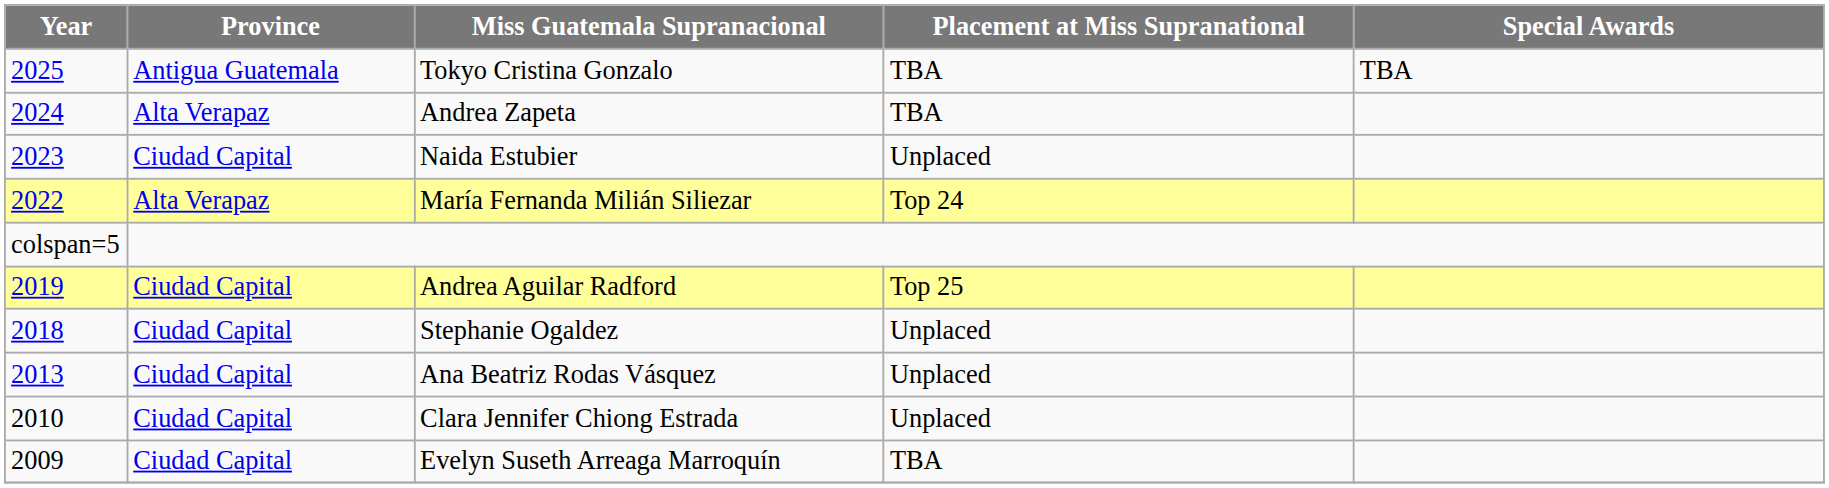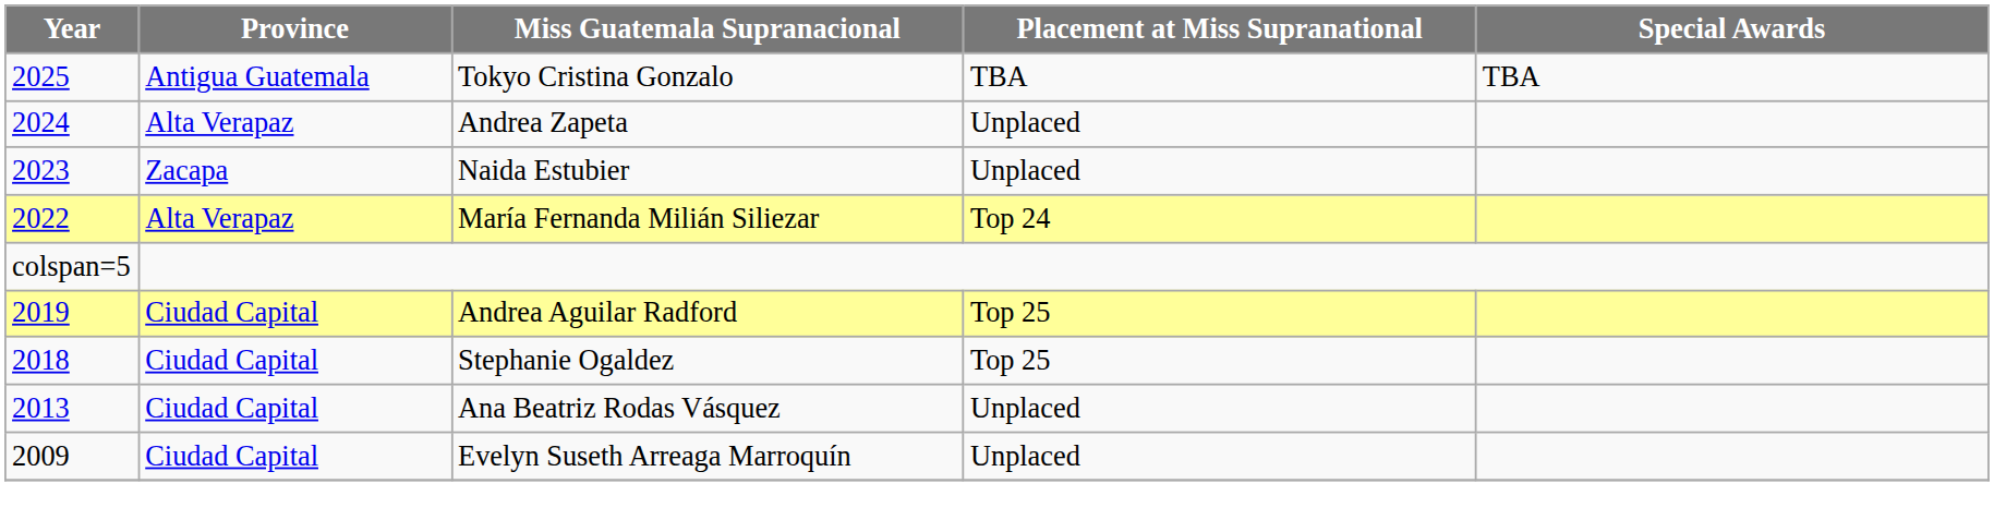 <table class="wikitable " style="font-size: 90%;">
 <tr>
 <th width="60" style="background-color:#787878;color:#FFFFFF;">Year</th>
 <th width="150" style="background-color:#787878;color:#FFFFFF;">Province</th>
 <th width="250" style="background-color:#787878;color:#FFFFFF;">Miss Guatemala Supranacional</th>
 <th width="250" style="background-color:#787878;color:#FFFFFF;">Placement at Miss Supranational</th>
 <th width="250" style="background-color:#787878;color:#FFFFFF;">Special Awards</th>
 </tr>
 <tr>
 <td><a href='#'>2025</a></td>
 <td><a href='#'>Antigua Guatemala</a></td>
 <td>Tokyo Cristina Gonzalo</td>
 <td>TBA</td>
 <td>TBA</td>
 </tr>
 <tr>
 <td><a href='#'>2024</a></td>
 <td><a href='#'>Alta Verapaz</a></td>
 <td>Andrea Zapeta</td>
-<td>TBA</td>
+<td>Unplaced</td>
 <td></td>
 </tr>
 <tr>
 <td><a href='#'>2023</a></td>
-<td><a href='#'>Ciudad Capital</a></td>
+<td><a href='#'>Zacapa</a></td>
 <td>Naida Estubier</td>
 <td>Unplaced</td>
 <td></td>
 </tr>
 <tr style="background-color:#FFFF99; ">
 <td><a href='#'>2022</a></td>
 <td><a href='#'>Alta Verapaz</a></td>
 <td>María Fernanda Milián Siliezar</td>
 <td>Top 24</td>
 <td></td>
 </tr>
 <tr>
 <td>colspan=5 </td>
 </tr>
 <tr style="background-color:#FFFF99; ">
 <td><a href='#'>2019</a></td>
 <td><a href='#'>Ciudad Capital</a></td>
 <td>Andrea Aguilar Radford</td>
 <td>Top 25</td>
 <td></td>
 </tr>
 <tr>
 <td><a href='#'>2018</a></td>
 <td><a href='#'>Ciudad Capital</a></td>
 <td>Stephanie Ogaldez</td>
-<td>Unplaced</td>
+<td>Top 25</td>
 <td></td>
 </tr>
 <tr>
 <td><a href='#'>2013</a></td>
 <td><a href='#'>Ciudad Capital</a></td>
 <td>Ana Beatriz Rodas Vásquez</td>
 <td>Unplaced</td>
 <td></td>
 </tr>
 <tr>
-<td>2010</td>
-<td><a href='#'>Ciudad Capital</a></td>
-<td>Clara Jennifer Chiong Estrada</td>
-<td>Unplaced</td>
-<td></td>
-</tr>
-<tr>
 <td>2009</td>
 <td><a href='#'>Ciudad Capital</a></td>
 <td>Evelyn Suseth Arreaga Marroquín</td>
-<td>TBA</td>
+<td>Unplaced</td>
 <td></td>
 </tr>
 <tr>
 </tr>
 </table>
